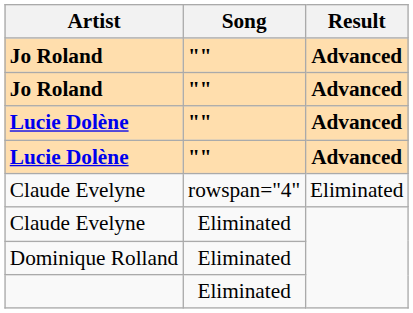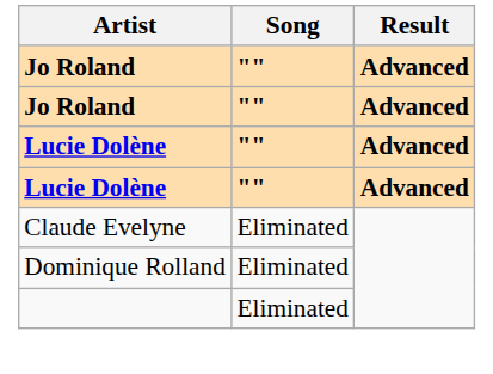 <table class="sortable wikitable" style="margin: 1em auto 1em auto; text-align:center">
 <tr>
 <th>Artist</th>
 <th>Song</th>
 <th>Result</th>
 </tr>
 <tr style="font-weight:bold; background:navajowhite;">
 <td align="left">Jo Roland</td>
 <td align="left">""</td>
 <td>Advanced</td>
 </tr>
 <tr style="font-weight:bold; background:navajowhite;">
 <td align="left">Jo Roland</td>
 <td align="left">""</td>
 <td>Advanced</td>
 </tr>
 <tr style="font-weight:bold; background:navajowhite;">
 <td align="left"><a href='#'>Lucie Dolène</a></td>
 <td align="left">""</td>
 <td>Advanced</td>
 </tr>
 <tr style="font-weight:bold; background:navajowhite;">
 <td align="left"><a href='#'>Lucie Dolène</a></td>
 <td align="left">""</td>
 <td>Advanced</td>
 </tr>
 <tr>
 <td align="left">Claude Evelyne</td>
-<td>rowspan="4" </td>
-<td>Eliminated</td>
-</tr>
-<tr>
-<td align="left">Claude Evelyne</td>
 <td>Eliminated</td>
 </tr>
 <tr>
 <td align="left">Dominique Rolland</td>
 <td>Eliminated</td>
 </tr>
 <tr>
 <td align="left"></td>
 <td>Eliminated</td>
 </tr>
 </table>
